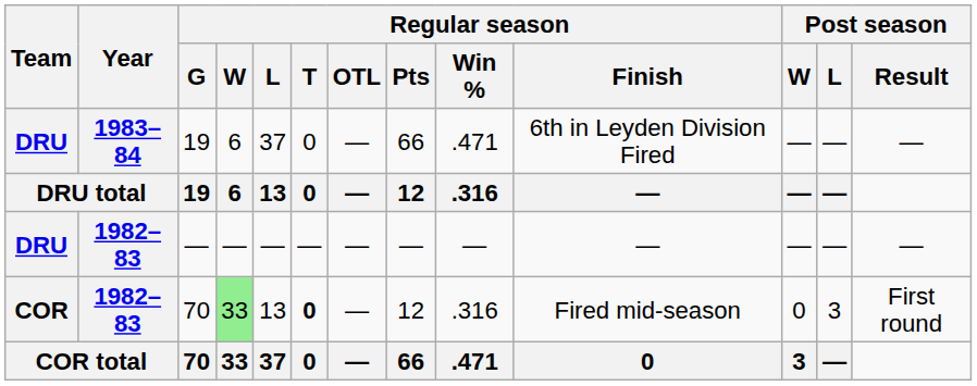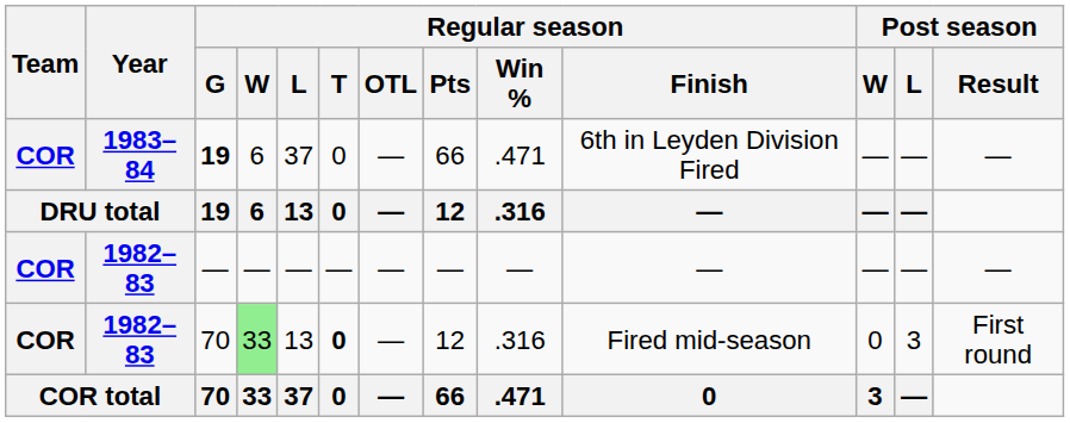 <table class="wikitable" style="font-size: 95%; text-align:center;">
 <tr>
 <th rowspan="2">Team</th>
 <th rowspan="2">Year</th>
 <th colspan="8">Regular season</th>
 <th colspan="3">Post season</th>
 </tr>
 <tr>
 <th>G</th>
 <th>W</th>
 <th>L</th>
 <th>T</th>
 <th>OTL</th>
 <th>Pts</th>
 <th>Win %</th>
 <th>Finish</th>
 <th>W</th>
 <th>L</th>
 <th>Result</th>
 </tr>
 <tr>
-<th><a href='#'>DRU</a></th>
+<th><a href='#'>COR</a></th>
 <th><a href='#'>1983–84</a></th>
-<td>19</td>
+<td><strong>19</strong></td>
 <td>6</td>
 <td>37</td>
 <td>0</td>
 <td>—</td>
 <td>66</td>
 <td>.471</td>
 <td>6th in Leyden Division Fired</td>
 <td>—</td>
 <td>—</td>
 <td>—</td>
 </tr>
 <tr>
 <th colspan="2">DRU total</th>
 <th>19</th>
 <th>6</th>
 <th>13</th>
 <th>0</th>
 <th>—</th>
 <th>12</th>
 <th>.316</th>
 <th>—</th>
 <th>—</th>
 <th>—</th>
 </tr>
 <tr>
-<th><a href='#'>DRU</a></th>
+<th><a href='#'>COR</a></th>
 <th><a href='#'>1982–83</a></th>
 <td>—</td>
 <td>—</td>
 <td>—</td>
 <td>—</td>
 <td>—</td>
 <td>—</td>
 <td>—</td>
 <td>—</td>
 <td>—</td>
 <td>—</td>
 <td>—</td>
 </tr>
 <tr>
 <th>COR</th>
 <th><a href='#'>1982–83</a></th>
 <td>70</td>
 <td style="background: lightgreen;">33</td>
 <td>13</td>
 <td><strong>0</strong></td>
 <td>—</td>
 <td>12</td>
 <td>.316</td>
 <td>Fired mid-season</td>
 <td>0</td>
 <td>3</td>
 <td>First round</td>
 </tr>
 <tr>
 <th colspan="2">COR total</th>
 <th>70</th>
 <th>33</th>
 <th>37</th>
 <th>0</th>
 <th>—</th>
 <th>66</th>
 <th>.471</th>
 <th>0</th>
 <th>3</th>
 <th>—</th>
 </tr>
 </table>
